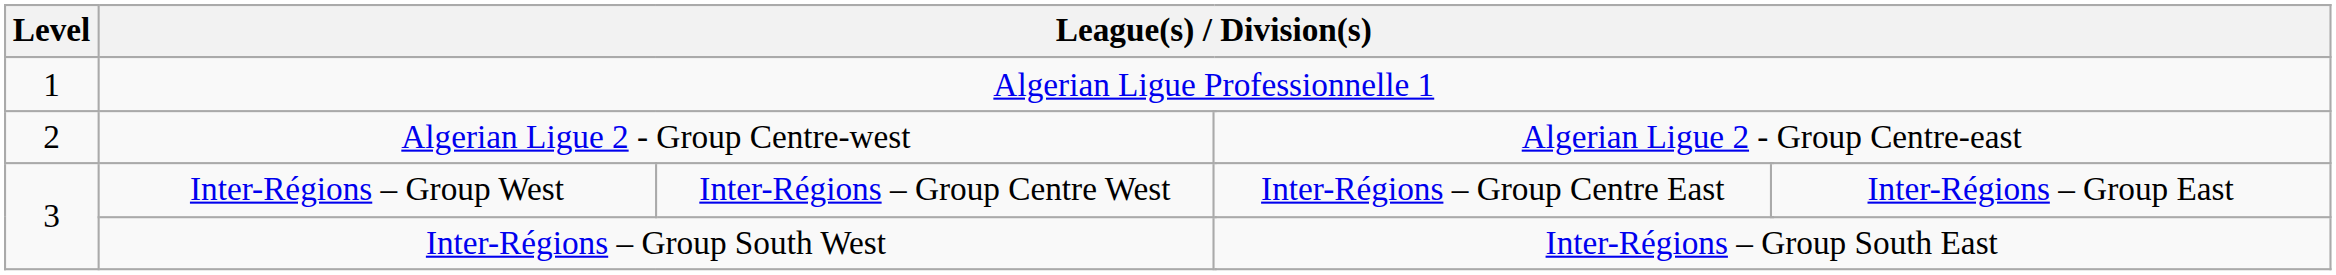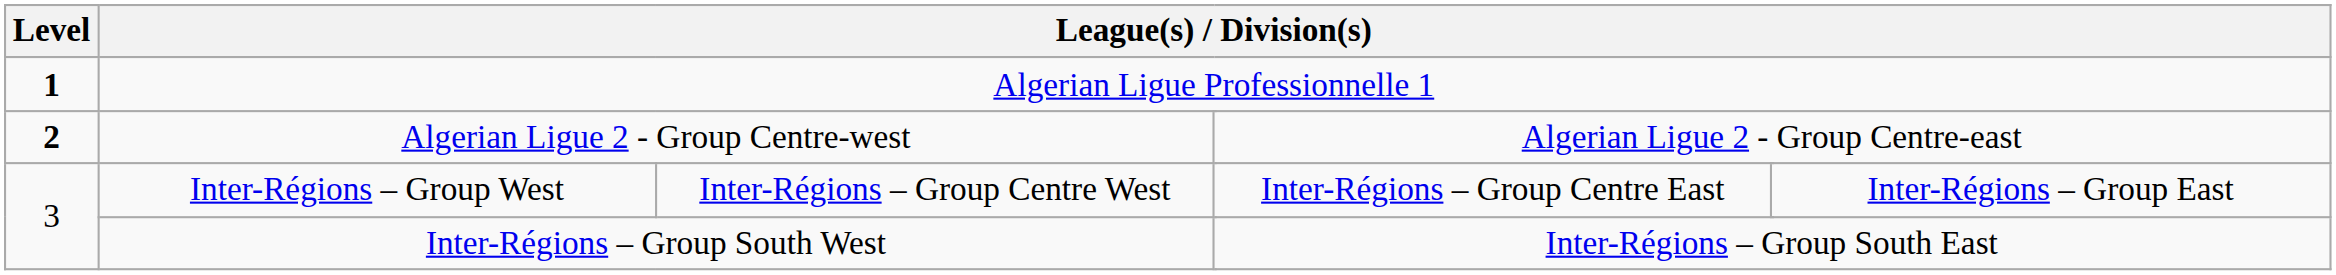 <table class="wikitable" style="text-align: center;">
 <tr>
 <th width="4%">Level</th>
 <th colspan="8" width="96%">League(s) / Division(s)</th>
 </tr>
 <tr>
-<td width="4%">1</td>
+<td width="4%"><strong>1</strong></td>
 <td colspan="8" width="96%"><a href='#'>Algerian Ligue Professionnelle 1</a><br></td>
 </tr>
 <tr>
-<td width="4%">2</td>
+<td width="4%"><strong>2</strong></td>
 <td colspan="4" width="96%"><a href='#'>Algerian Ligue 2</a> - Group Centre-west<br></td>
 <td colspan="4" width="96%"><a href='#'>Algerian Ligue 2</a> - Group Centre-east<br></td>
 </tr>
 <tr>
 <td rowspan=2 width="4%">3</td>
 <td colspan="2" width="24%"><a href='#'>Inter-Régions</a> – Group West<br></td>
 <td colspan="2" width="24%"><a href='#'>Inter-Régions</a> – Group Centre West<br></td>
 <td colspan="2" width="24%"><a href='#'>Inter-Régions</a> – Group Centre East<br></td>
 <td colspan="2" width="24%"><a href='#'>Inter-Régions</a> – Group East<br></td>
 </tr>
 <tr>
 <td colspan="4" width="24%"><a href='#'>Inter-Régions</a> – Group South West<br></td>
 <td colspan="4" width="24%"><a href='#'>Inter-Régions</a> – Group South East<br></td>
 </tr>
 </table>
